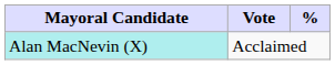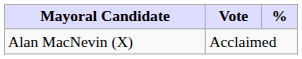 <table class="wikitable">
 <tr>
 <th style="background:#ddf; width:200px;">Mayoral Candidate </th>
 <th style="background:#ddf; width:50px;">Vote</th>
 <th style="background:#ddf; width:30px;">%</th>
 </tr>
 <tr>
-<td style="background: paleturquoise;">Alan MacNevin (X)</td>
+<td>Alan MacNevin (X)</td>
 <td colspan="2">Acclaimed</td>
 </tr>
 </table>
